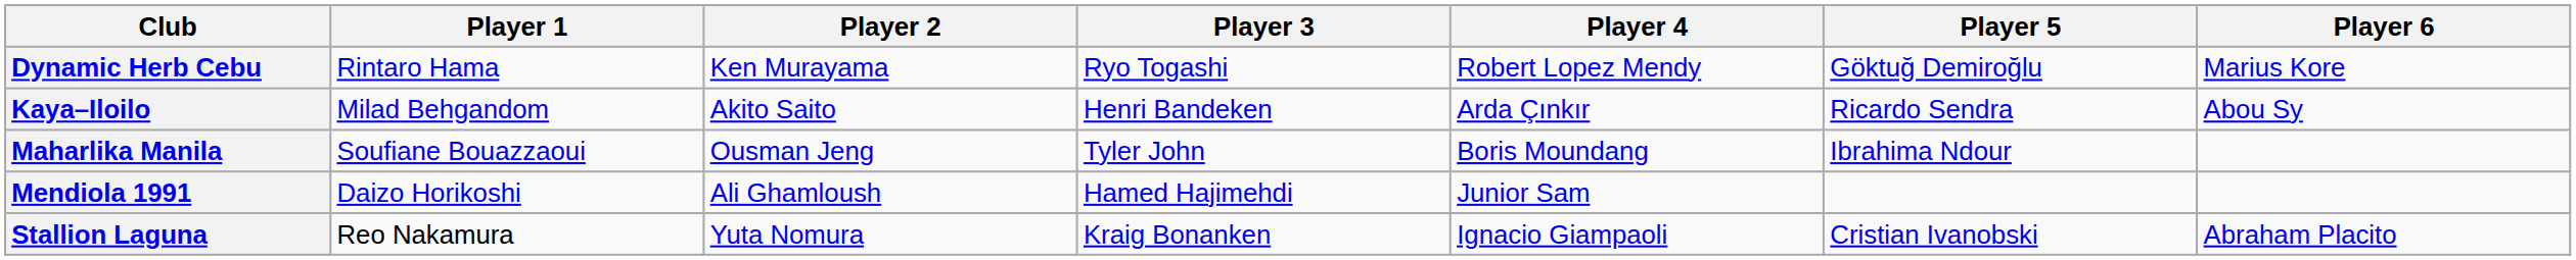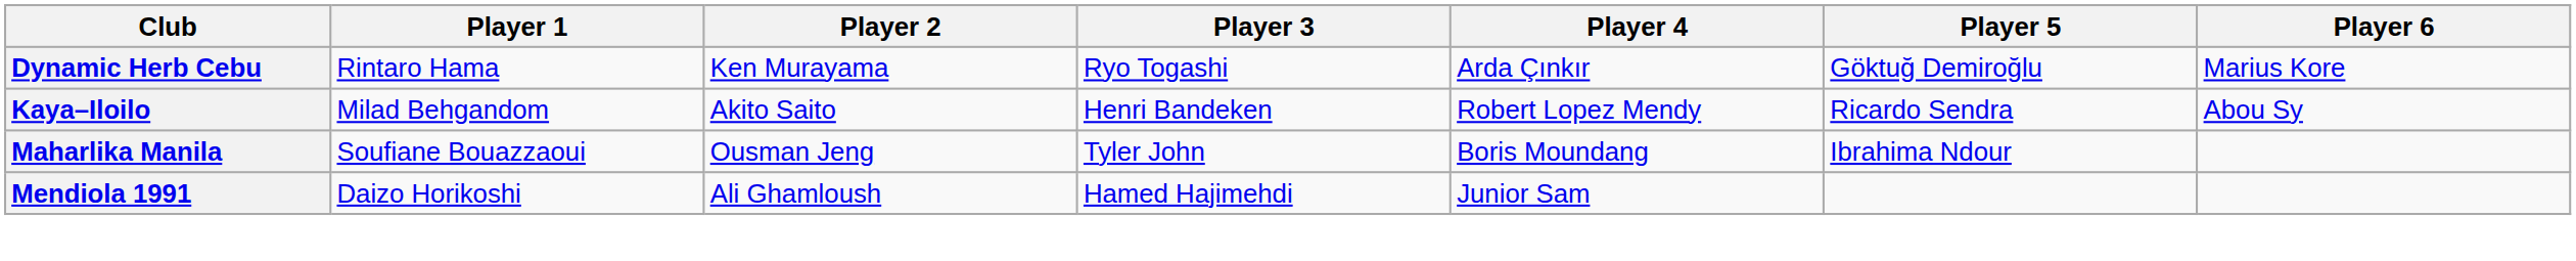 <table class="sortable wikitable" style="text-align: left; font-size:79%">
 <tr>
 <th scope=col style="width:150px;">Club</th>
 <th scope=col style="width:173px;">Player 1</th>
 <th scope=col style="width:173px;">Player 2</th>
 <th scope=col style="width:173px;">Player 3</th>
 <th scope=col style="width:173px;">Player 4</th>
 <th scope=col style="width:173px;">Player 5</th>
 <th scope=col style="width:173px;">Player 6</th>
 </tr>
 <tr>
 <th scope=row style="text-align: left;"><a href='#'>Dynamic Herb Cebu</a></th>
 <td> <a href='#'>Rintaro Hama</a></td>
 <td> <a href='#'>Ken Murayama</a></td>
 <td> <a href='#'>Ryo Togashi</a></td>
-<td> <a href='#'>Robert Lopez Mendy</a></td>
+<td> <a href='#'>Arda Çınkır</a></td>
 <td> <a href='#'>Göktuğ Demiroğlu</a></td>
 <td> <a href='#'>Marius Kore</a></td>
 </tr>
 <tr>
 <th scope=row style="text-align: left;"><a href='#'>Kaya–Iloilo</a></th>
 <td> <a href='#'>Milad Behgandom</a></td>
 <td> <a href='#'>Akito Saito</a></td>
 <td> <a href='#'>Henri Bandeken</a></td>
-<td> <a href='#'>Arda Çınkır</a></td>
+<td> <a href='#'>Robert Lopez Mendy</a></td>
 <td> <a href='#'>Ricardo Sendra</a></td>
 <td> <a href='#'>Abou Sy</a></td>
 </tr>
 <tr>
 <th scope="row" style="text-align: left;"><a href='#'>Maharlika Manila</a></th>
 <td> <a href='#'>Soufiane Bouazzaoui</a></td>
 <td> <a href='#'>Ousman Jeng</a></td>
 <td> <a href='#'>Tyler John</a></td>
 <td> <a href='#'>Boris Moundang</a></td>
 <td> <a href='#'>Ibrahima Ndour</a></td>
 <td></td>
 </tr>
 <tr>
 <th scope=row style="text-align: left;"><a href='#'>Mendiola 1991</a></th>
 <td> <a href='#'>Daizo Horikoshi</a></td>
 <td> <a href='#'>Ali Ghamloush</a></td>
 <td> <a href='#'>Hamed Hajimehdi</a></td>
 <td> <a href='#'>Junior Sam</a></td>
 <td></td>
 <td></td>
 </tr>
-<tr>
-<th scope=row style="text-align: left;"><a href='#'>Stallion Laguna</a></th>
-<td> Reo Nakamura</td>
-<td> <a href='#'>Yuta Nomura</a></td>
-<td> <a href='#'>Kraig Bonanken</a></td>
-<td> <a href='#'>Ignacio Giampaoli</a></td>
-<td> <a href='#'>Cristian Ivanobski</a></td>
-<td> <a href='#'>Abraham Placito</a></td>
-</tr>
 </table>
